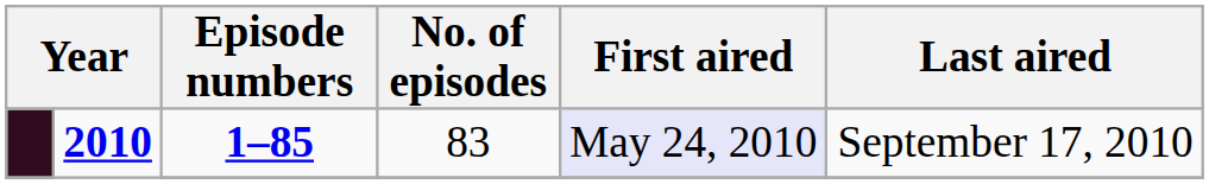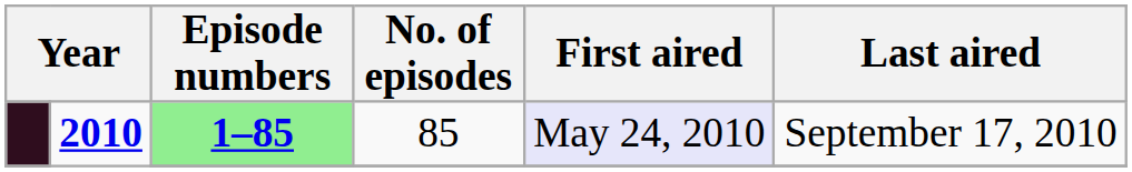 <table class="wikitable" style="text-align:center">
 <tr>
 <th style="padding:0 4px;" colspan="2">Year</th>
 <th style="padding:0 8px;">Episode<br>numbers</th>
 <th style="padding:0 4px;">No. of<br>episodes</th>
 <th style="padding:0 4px;">First aired</th>
 <th style="padding:0 4px;">Last aired</th>
 </tr>
 <tr>
 <td style="background:#2F0D1E;padding:0 8px;  "></td>
 <td rowspan="5"><strong><a href='#'>2010</a></strong></td>
-<td><strong><a href='#'>1–85</a></strong></td>
-<td>83</td>
+<td style="background: lightgreen;"><strong><a href='#'>1–85</a></strong></td>
+<td>85</td>
 <td style="background: lavender;">May 24, 2010</td>
 <td>September 17, 2010</td>
 </tr>
 <tr>
 </tr>
 </table>
